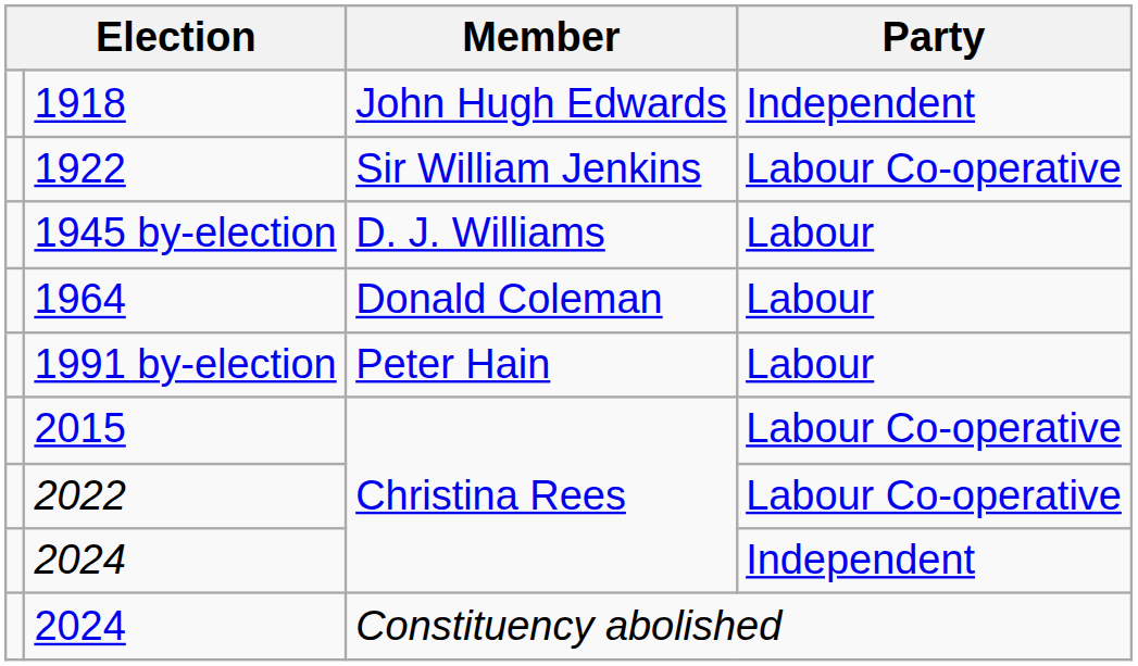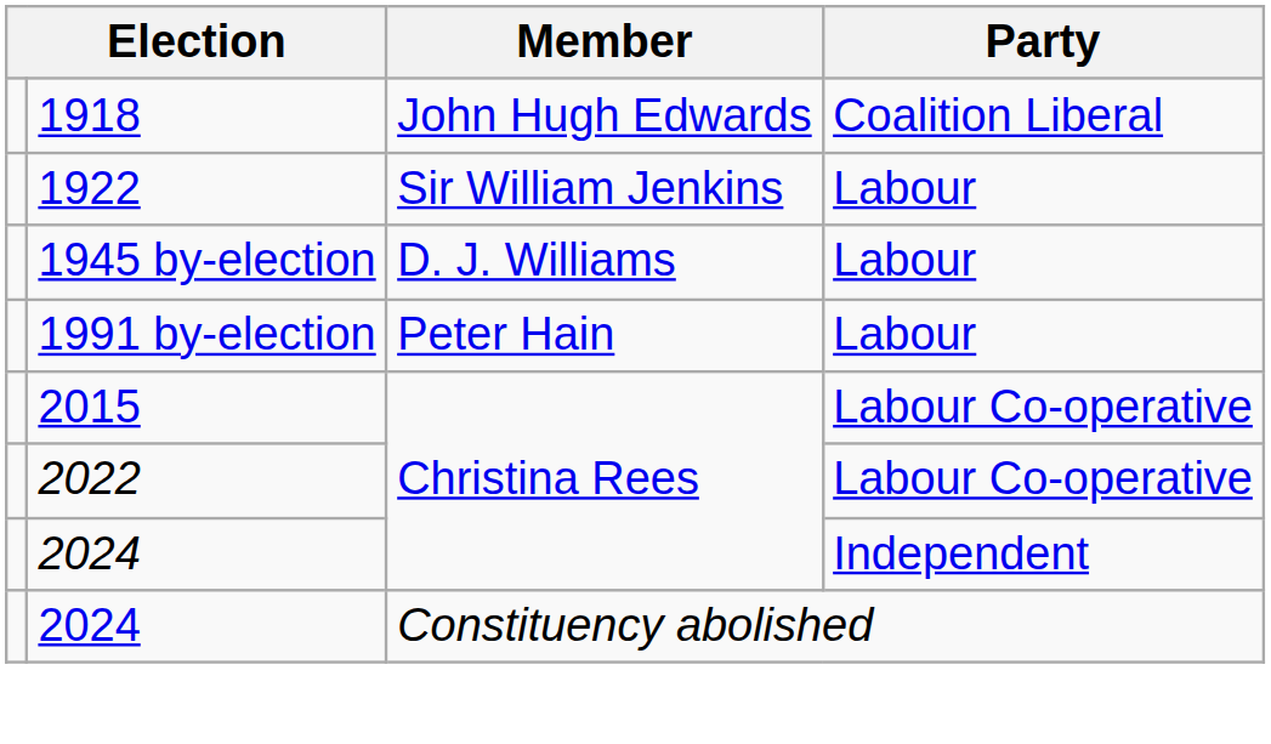 <table class="wikitable">
 <tr>
 <th colspan="2">Election</th>
 <th>Member</th>
 <th>Party</th>
 </tr>
 <tr>
 <td style="color:inherit;background-color: "></td>
 <td><a href='#'>1918</a></td>
 <td><a href='#'>John Hugh Edwards</a></td>
-<td><a href='#'>Independent</a></td>
+<td><a href='#'>Coalition Liberal</a></td>
 </tr>
 <tr>
 <td style="color:inherit;background-color: "></td>
 <td><a href='#'>1922</a></td>
 <td><a href='#'>Sir William Jenkins</a></td>
-<td><a href='#'>Labour Co-operative</a></td>
+<td><a href='#'>Labour</a></td>
 </tr>
 <tr>
 <td style="color:inherit;background-color: "></td>
 <td><a href='#'>1945 by-election</a></td>
 <td><a href='#'>D. J. Williams</a></td>
-<td><a href='#'>Labour</a></td>
-</tr>
-<tr>
-<td style="color:inherit;background-color: "></td>
-<td><a href='#'>1964</a></td>
-<td><a href='#'>Donald Coleman</a></td>
 <td><a href='#'>Labour</a></td>
 </tr>
 <tr>
 <td style="color:inherit;background-color: "></td>
 <td><a href='#'>1991 by-election</a></td>
 <td><a href='#'>Peter Hain</a></td>
 <td><a href='#'>Labour</a></td>
 </tr>
 <tr>
 <td style="color:inherit;background-color: "></td>
 <td><a href='#'>2015</a></td>
 <td rowspan=3><a href='#'>Christina Rees</a></td>
 <td><a href='#'>Labour Co-operative</a></td>
 </tr>
 <tr>
 <td style="color:inherit;background-color: "></td>
 <td><em>2022</em></td>
 <td><a href='#'>Labour Co-operative</a></td>
 </tr>
 <tr>
 <td style="color:inherit;background-color: "></td>
 <td><em>2024</em></td>
 <td><a href='#'>Independent</a></td>
 </tr>
 <tr>
 <td></td>
 <td><a href='#'>2024</a></td>
 <td colspan="2"><em>Constituency abolished</em></td>
 </tr>
 </table>
